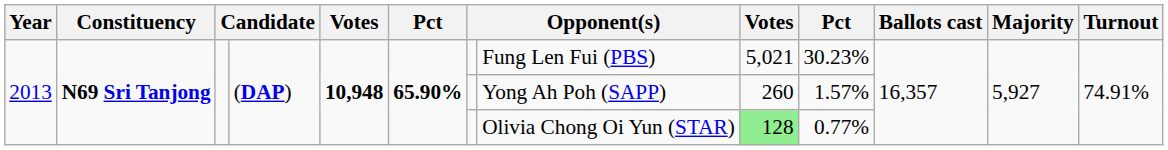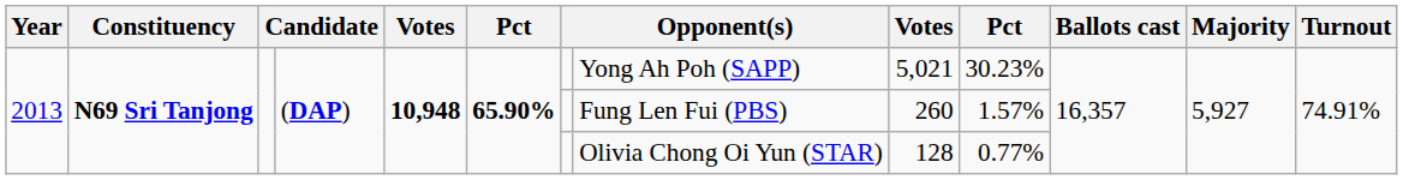 <table class="wikitable" style="margin:0.5em ; font-size:95%">
 <tr>
 <th>Year</th>
 <th>Constituency</th>
 <th colspan="2">Candidate</th>
 <th>Votes</th>
 <th>Pct</th>
 <th colspan="2">Opponent(s)</th>
 <th>Votes</th>
 <th>Pct</th>
 <th>Ballots cast</th>
 <th>Majority</th>
 <th>Turnout</th>
 </tr>
 <tr>
 <td rowspan="3"><a href='#'>2013</a></td>
 <td rowspan="3"><strong>N69 <a href='#'>Sri Tanjong</a></strong></td>
 <td rowspan="3" ></td>
 <td rowspan="3"> (<a href='#'><strong>DAP</strong></a>)</td>
 <td rowspan="3" align=right><strong>10,948</strong></td>
 <td rowspan="3"><strong>65.90%</strong></td>
 <td></td>
-<td>Fung Len Fui (<a href='#'>PBS</a>)</td>
+<td>Yong Ah Poh (<a href='#'>SAPP</a>)</td>
 <td align=right>5,021</td>
 <td>30.23%</td>
 <td rowspan="3">16,357</td>
 <td rowspan="3">5,927</td>
 <td rowspan="3">74.91%</td>
 </tr>
 <tr>
 <td></td>
-<td>Yong Ah Poh (<a href='#'>SAPP</a>)</td>
+<td>Fung Len Fui (<a href='#'>PBS</a>)</td>
 <td align=right>260</td>
 <td align=right>1.57%</td>
 </tr>
 <tr>
 <td></td>
 <td>Olivia Chong Oi Yun (<a href='#'>STAR</a>)</td>
-<td align=right style="background: lightgreen;">128</td>
+<td align=right>128</td>
 <td align=right>0.77%</td>
 </tr>
 </table>
